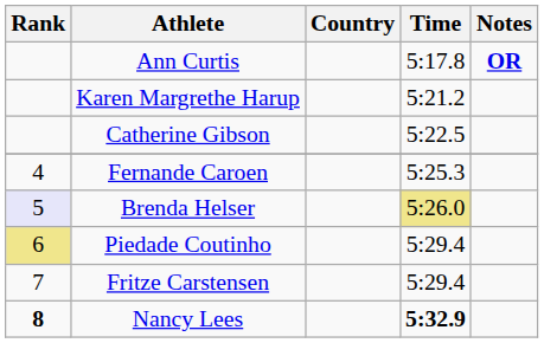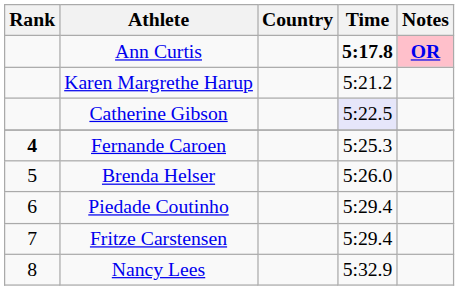 <table class="wikitable sortable" style="text-align:center">
 <tr>
 <th>Rank</th>
 <th>Athlete</th>
 <th>Country</th>
 <th>Time</th>
 <th>Notes</th>
 </tr>
 <tr>
 <td></td>
 <td><a href='#'>Ann Curtis</a></td>
 <td align=left></td>
-<td>5:17.8</td>
-<td><strong><a href='#'>OR</a></strong></td>
+<td><strong>5:17.8</strong></td>
+<td style="background: pink;"><strong><a href='#'>OR</a></strong></td>
 </tr>
 <tr>
 <td></td>
 <td><a href='#'>Karen Margrethe Harup</a></td>
 <td align=left></td>
 <td>5:21.2</td>
 <td><strong> </strong></td>
 </tr>
 <tr>
 <td></td>
 <td><a href='#'>Catherine Gibson</a></td>
 <td align=left></td>
-<td>5:22.5</td>
+<td style="background: lavender;">5:22.5</td>
 <td><strong> </strong></td>
 </tr>
 <tr>
 </tr>
 <tr>
-<td>4</td>
+<td><strong>4</strong></td>
 <td><a href='#'>Fernande Caroen</a></td>
 <td align=left></td>
 <td>5:25.3</td>
 <td><strong> </strong></td>
 </tr>
 <tr>
-<td style="background: lavender;">5</td>
+<td>5</td>
 <td><a href='#'>Brenda Helser</a></td>
 <td align=left></td>
-<td style="background: khaki;">5:26.0</td>
+<td>5:26.0</td>
 <td><strong> </strong></td>
 </tr>
 <tr>
-<td style="background: khaki;">6</td>
+<td>6</td>
 <td><a href='#'>Piedade Coutinho</a></td>
 <td align=left></td>
 <td>5:29.4</td>
 <td><strong> </strong></td>
 </tr>
 <tr>
 <td>7</td>
 <td><a href='#'>Fritze Carstensen</a></td>
 <td align=left></td>
 <td>5:29.4</td>
 <td><strong> </strong></td>
 </tr>
 <tr>
-<td><strong>8</strong></td>
+<td>8</td>
 <td><a href='#'>Nancy Lees</a></td>
 <td align=left></td>
-<td><strong>5:32.9</strong></td>
+<td>5:32.9</td>
 <td><strong> </strong></td>
 </tr>
 </table>
